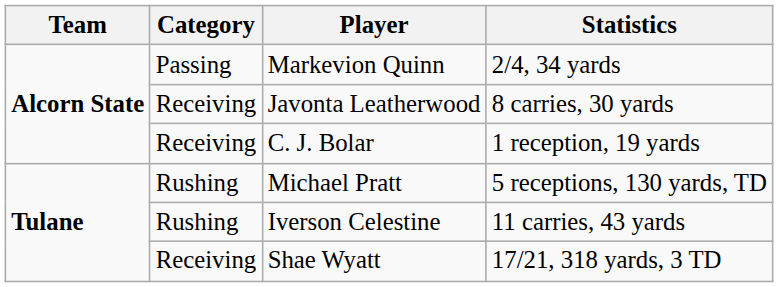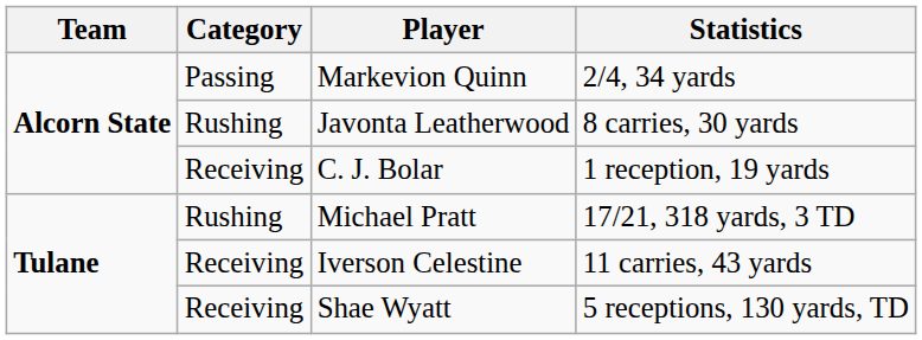 <table class="wikitable" style="float: right;">
 <tr>
 <th>Team</th>
 <th>Category</th>
 <th>Player</th>
 <th>Statistics</th>
 </tr>
 <tr>
 <td rowspan=3><strong>Alcorn State</strong></td>
 <td>Passing</td>
 <td>Markevion Quinn</td>
 <td>2/4, 34 yards</td>
 </tr>
 <tr>
-<td>Receiving</td>
+<td>Rushing</td>
 <td>Javonta Leatherwood</td>
 <td>8 carries, 30 yards</td>
 </tr>
 <tr>
 <td>Receiving</td>
 <td>C. J. Bolar</td>
 <td>1 reception, 19 yards</td>
 </tr>
 <tr>
 <td rowspan=3><strong>Tulane</strong></td>
 <td>Rushing</td>
 <td>Michael Pratt</td>
-<td>5 receptions, 130 yards, TD</td>
+<td>17/21, 318 yards, 3 TD</td>
 </tr>
 <tr>
-<td>Rushing</td>
+<td>Receiving</td>
 <td>Iverson Celestine</td>
 <td>11 carries, 43 yards</td>
 </tr>
 <tr>
 <td>Receiving</td>
 <td>Shae Wyatt</td>
-<td>17/21, 318 yards, 3 TD</td>
+<td>5 receptions, 130 yards, TD</td>
 </tr>
 </table>
